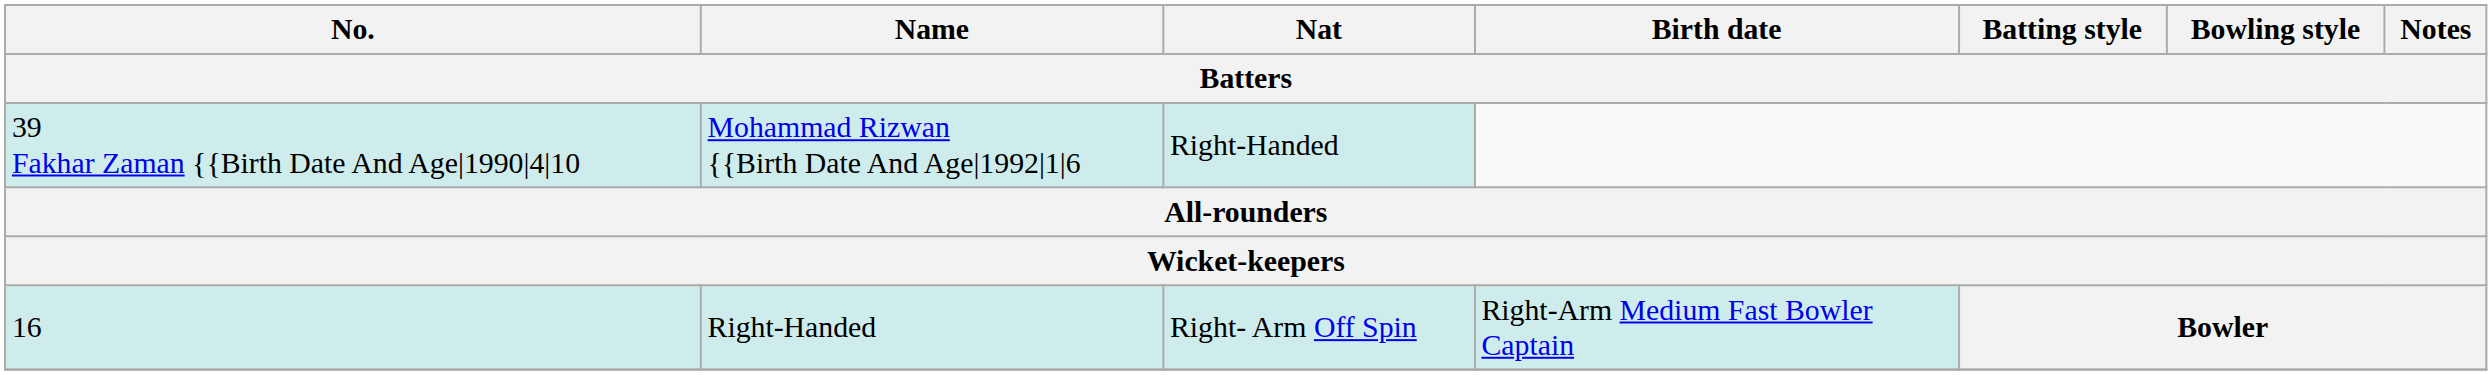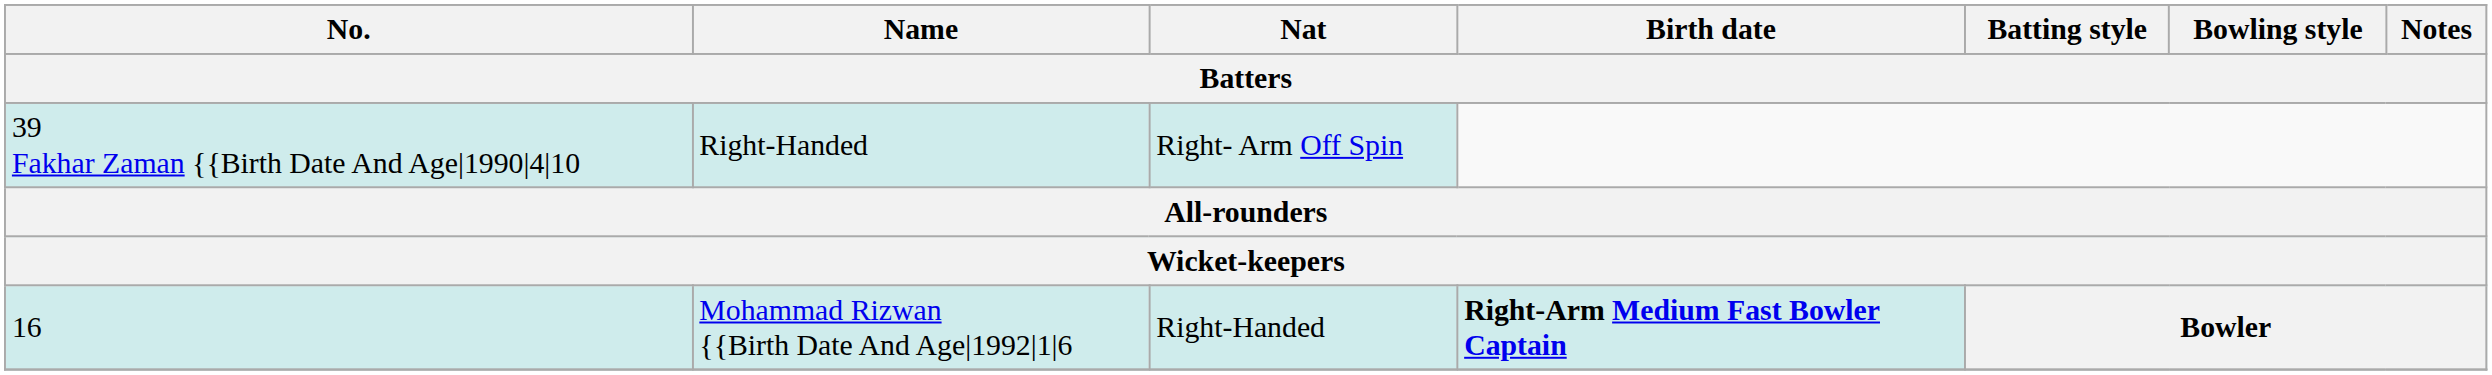 <table class="wikitable sortable"  style="font-size:95%; width:80%;">
 <tr>
 <th>No.</th>
 <th>Name</th>
 <th>Nat</th>
 <th>Birth date</th>
 <th>Batting style</th>
 <th>Bowling style</th>
 <th>Notes</th>
 </tr>
 <tr>
 <th colspan="7">Batters</th>
 </tr>
 <tr bgcolor="#CFECEC">
 <td>39<br><a href='#'>Fakhar Zaman</a>  {{Birth Date And Age|1990|4|10</td>
-<td><a href='#'>Mohammad Rizwan</a><br> {{Birth Date And Age|1992|1|6</td>
 <td>Right-Handed</td>
+<td>Right- Arm <a href='#'>Off Spin</a></td>
 </tr>
 <tr>
 <th colspan="7">All-rounders</th>
 </tr>
 <tr bgcolor="#CFECEC">
 <th colspan="7">Wicket-keepers</th>
 </tr>
 <tr bgcolor="#CFECEC">
 <td>16</td>
+<td><a href='#'>Mohammad Rizwan</a><br> {{Birth Date And Age|1992|1|6</td>
 <td>Right-Handed</td>
-<td>Right- Arm <a href='#'>Off Spin</a></td>
-<td>Right-Arm <a href='#'>Medium Fast Bowler</a><br><a href='#'>Captain</a></td>
+<td><strong>Right-Arm <a href='#'>Medium Fast Bowler</a><br><a href='#'>Captain</a></strong></td>
 <th colspan="7">Bowler</th>
 </tr>
 <tr>
 </tr>
 </table>
